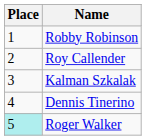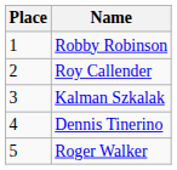 <table class="wikitable">
 <tr>
 <th>Place</th>
 <th>Name</th>
 </tr>
 <tr>
 <td>1</td>
 <td> <a href='#'>Robby Robinson</a></td>
 </tr>
 <tr>
 <td>2</td>
 <td> <a href='#'>Roy Callender</a></td>
 </tr>
 <tr>
 <td>3</td>
 <td> <a href='#'>Kalman Szkalak</a></td>
 </tr>
 <tr>
 <td>4</td>
 <td> <a href='#'>Dennis Tinerino</a></td>
 </tr>
 <tr>
-<td style="background: paleturquoise;">5</td>
+<td>5</td>
 <td> <a href='#'>Roger Walker</a></td>
 </tr>
 </table>
